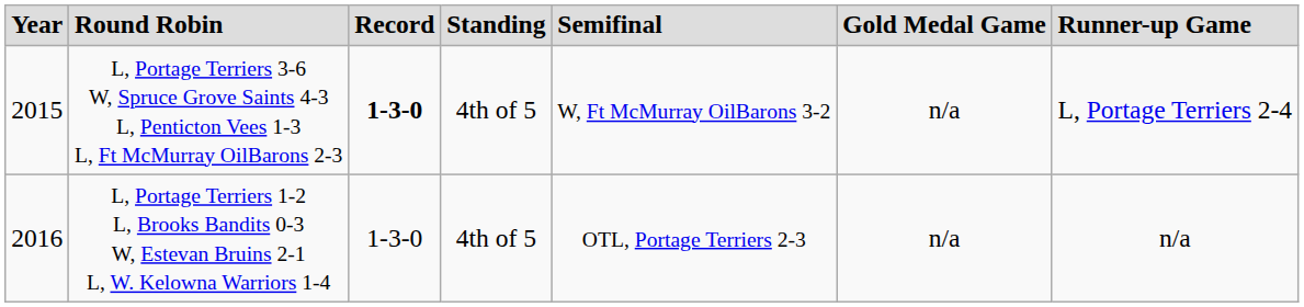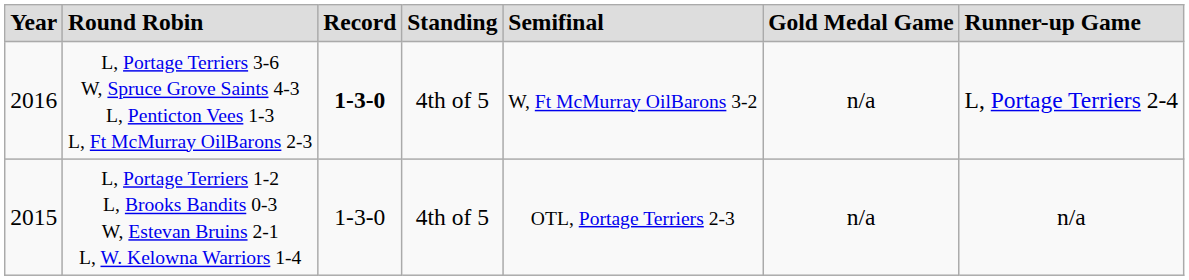 <table class="wikitable">
 <tr style="font-weight:bold; background-color:#dddddd;" |>
 <td>Year</td>
 <td>Round Robin</td>
 <td>Record</td>
 <td>Standing</td>
 <td>Semifinal</td>
 <td>Gold Medal Game</td>
 <td>Runner-up Game</td>
 </tr>
 <tr align=center>
-<td>2015</td>
+<td>2016</td>
 <td><small>L, <a href='#'>Portage Terriers</a> 3-6<br>W, <a href='#'>Spruce Grove Saints</a> 4-3<br>L, <a href='#'>Penticton Vees</a> 1-3<br>L, <a href='#'>Ft McMurray OilBarons</a> 2-3</small></td>
 <td><strong>1-3-0</strong></td>
 <td>4th of 5</td>
 <td><small>W, <a href='#'>Ft McMurray OilBarons</a> 3-2</small></td>
 <td>n/a</td>
 <td>L, <a href='#'>Portage Terriers</a> 2-4</td>
 </tr>
 <tr align=center>
-<td>2016</td>
+<td>2015</td>
 <td><small>L, <a href='#'>Portage Terriers</a> 1-2<br>L, <a href='#'>Brooks Bandits</a> 0-3<br>W, <a href='#'>Estevan Bruins</a> 2-1<br>L, <a href='#'>W. Kelowna Warriors</a> 1-4</small></td>
 <td>1-3-0</td>
 <td>4th of 5</td>
 <td><small>OTL, <a href='#'>Portage Terriers</a> 2-3</small></td>
 <td>n/a</td>
 <td>n/a</td>
 </tr>
 </table>
